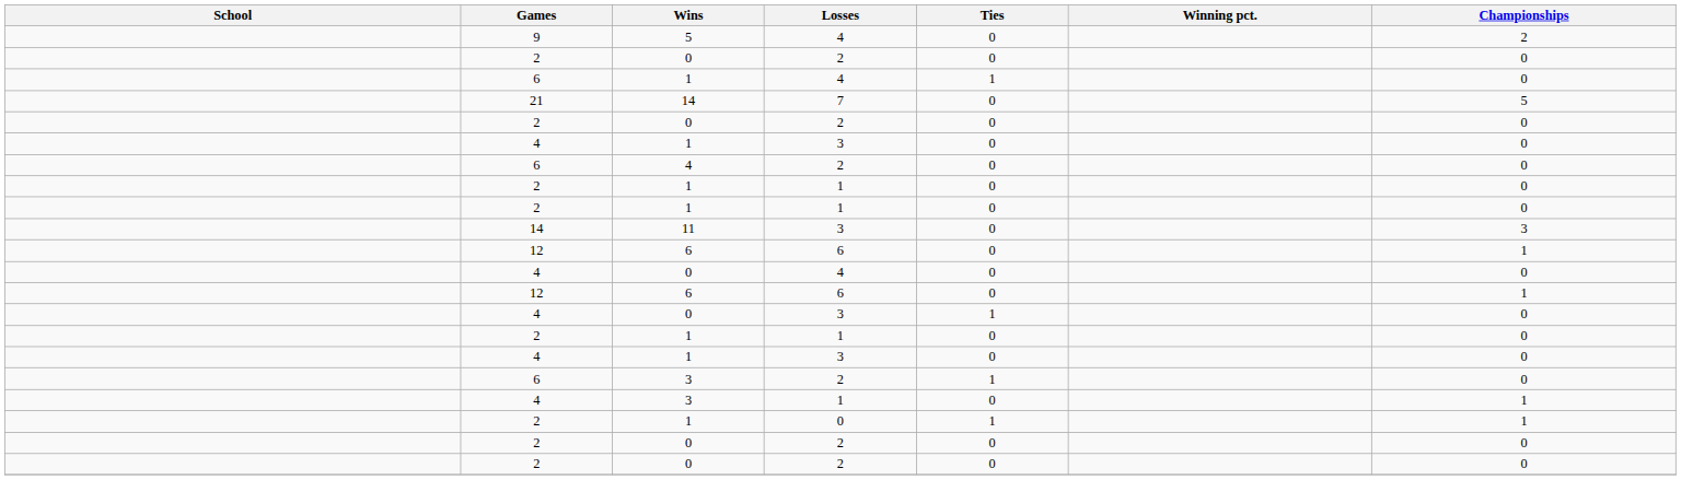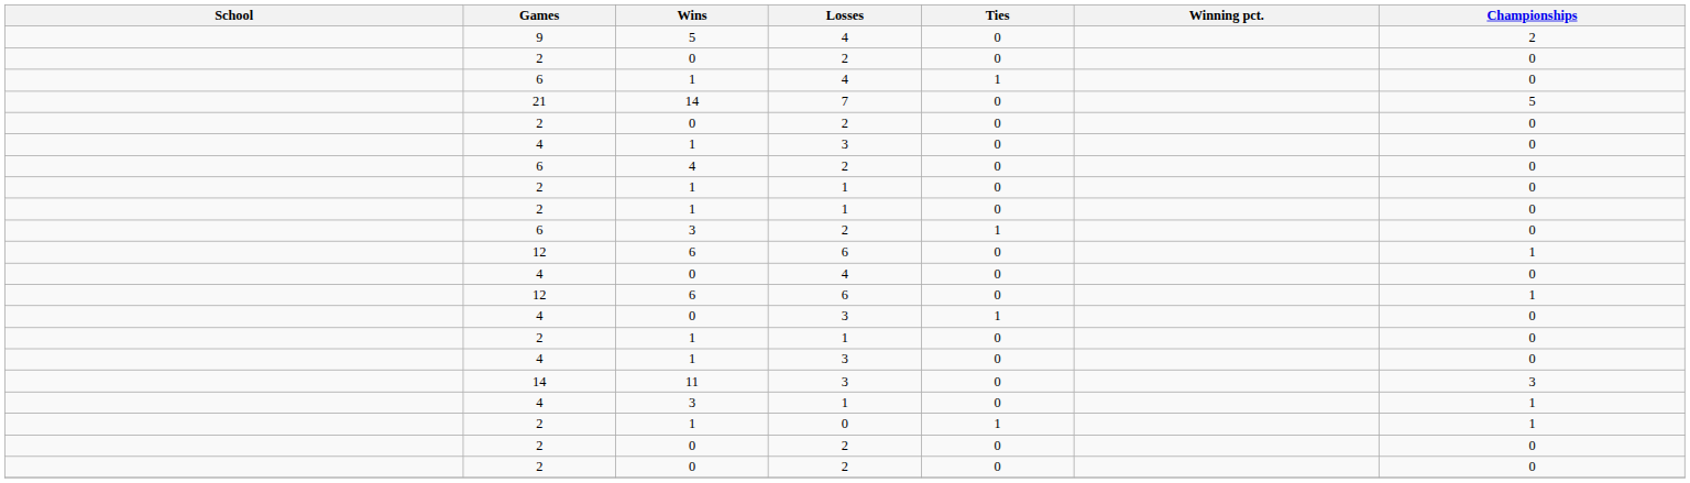 <table class="wikitable sortable" style="text-align:center" width=100%>
 <tr>
 <th width=15%>School</th>
 <th width=5%>Games</th>
 <th width=5%>Wins</th>
 <th width=5%>Losses</th>
 <th width=5%>Ties</th>
 <th width=10%>Winning pct.</th>
 <th width=10%><a href='#'>Championships</a></th>
 </tr>
 <tr>
 <td><strong><a href='#'></a></strong></td>
 <td>9</td>
 <td>5</td>
 <td>4</td>
 <td>0</td>
 <td></td>
 <td>2</td>
 </tr>
 <tr>
 <td><strong></strong></td>
 <td>2</td>
 <td>0</td>
 <td>2</td>
 <td>0</td>
 <td></td>
 <td>0</td>
 </tr>
 <tr>
 <td><strong><a href='#'></a></strong></td>
 <td>6</td>
 <td>1</td>
 <td>4</td>
 <td>1</td>
 <td></td>
 <td>0</td>
 </tr>
 <tr>
 <td><strong><a href='#'></a></strong></td>
 <td>21</td>
 <td>14</td>
 <td>7</td>
 <td>0</td>
 <td></td>
 <td>5</td>
 </tr>
 <tr>
 <td><strong></strong></td>
 <td>2</td>
 <td>0</td>
 <td>2</td>
 <td>0</td>
 <td></td>
 <td>0</td>
 </tr>
 <tr>
 <td><strong><a href='#'></a></strong></td>
 <td>4</td>
 <td>1</td>
 <td>3</td>
 <td>0</td>
 <td></td>
 <td>0</td>
 </tr>
 <tr>
 <td><strong></strong></td>
 <td>6</td>
 <td>4</td>
 <td>2</td>
 <td>0</td>
 <td></td>
 <td>0</td>
 </tr>
 <tr>
 <td><strong><a href='#'></a></strong></td>
 <td>2</td>
 <td>1</td>
 <td>1</td>
 <td>0</td>
 <td></td>
 <td>0</td>
 </tr>
 <tr>
 <td><strong><a href='#'></a></strong></td>
 <td>2</td>
 <td>1</td>
 <td>1</td>
 <td>0</td>
 <td></td>
 <td>0</td>
 </tr>
 <tr>
 <td><strong><a href='#'></a></strong></td>
-<td>14</td>
-<td>11</td>
+<td>6</td>
 <td>3</td>
+<td>2</td>
+<td>1</td>
+<td></td>
 <td>0</td>
-<td></td>
-<td>3</td>
 </tr>
 <tr>
 <td><strong></strong></td>
 <td>12</td>
 <td>6</td>
 <td>6</td>
 <td>0</td>
 <td></td>
 <td>1</td>
 </tr>
 <tr>
 <td><strong><a href='#'></a></strong></td>
 <td>4</td>
 <td>0</td>
 <td>4</td>
 <td>0</td>
 <td></td>
 <td>0</td>
 </tr>
 <tr>
 <td><strong></strong></td>
 <td>12</td>
 <td>6</td>
 <td>6</td>
 <td>0</td>
 <td></td>
 <td>1</td>
 </tr>
 <tr>
 <td><strong></strong></td>
 <td>4</td>
 <td>0</td>
 <td>3</td>
 <td>1</td>
 <td></td>
 <td>0</td>
 </tr>
 <tr>
 <td><strong><a href='#'></a></strong></td>
 <td>2</td>
 <td>1</td>
 <td>1</td>
 <td>0</td>
 <td></td>
 <td>0</td>
 </tr>
 <tr>
 <td><strong></strong></td>
 <td>4</td>
 <td>1</td>
 <td>3</td>
 <td>0</td>
 <td></td>
 <td>0</td>
 </tr>
 <tr>
 <td><strong><a href='#'></a></strong></td>
-<td>6</td>
+<td>14</td>
+<td>11</td>
 <td>3</td>
-<td>2</td>
-<td>1</td>
+<td>0</td>
 <td></td>
-<td>0</td>
+<td>3</td>
 </tr>
 <tr>
 <td><strong><a href='#'></a></strong></td>
 <td>4</td>
 <td>3</td>
 <td>1</td>
 <td>0</td>
 <td></td>
 <td>1</td>
 </tr>
 <tr>
 <td><strong></strong></td>
 <td>2</td>
 <td>1</td>
 <td>0</td>
 <td>1</td>
 <td></td>
 <td>1</td>
 </tr>
 <tr>
 <td><strong><a href='#'></a></strong></td>
 <td>2</td>
 <td>0</td>
 <td>2</td>
 <td>0</td>
 <td></td>
 <td>0</td>
 </tr>
 <tr>
 <td><strong></strong></td>
 <td>2</td>
 <td>0</td>
 <td>2</td>
 <td>0</td>
 <td></td>
 <td>0</td>
 </tr>
 <tr>
 </tr>
 </table>
